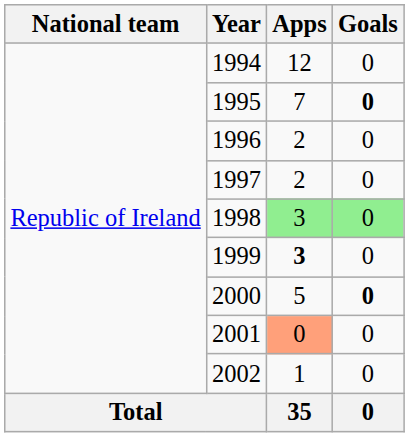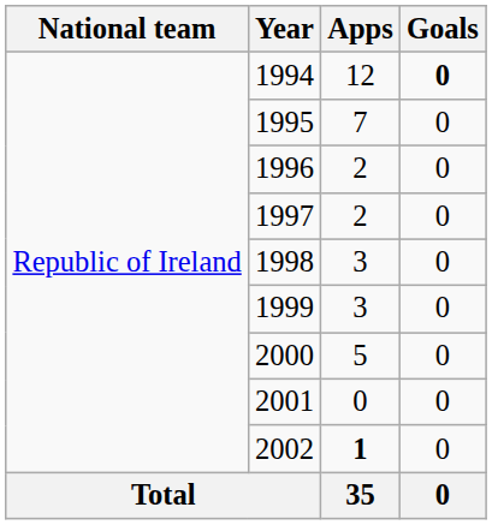 <table class="wikitable" style="text-align:center">
 <tr>
 <th>National team</th>
 <th>Year</th>
 <th>Apps</th>
 <th>Goals</th>
 </tr>
 <tr>
 <td rowspan="9"><a href='#'>Republic of Ireland</a></td>
 <td>1994</td>
 <td>12</td>
-<td>0</td>
+<td><strong>0</strong></td>
 </tr>
 <tr>
 <td>1995</td>
 <td>7</td>
-<td><strong>0</strong></td>
+<td>0</td>
 </tr>
 <tr>
 <td>1996</td>
 <td>2</td>
 <td>0</td>
 </tr>
 <tr>
 <td>1997</td>
 <td>2</td>
 <td>0</td>
 </tr>
 <tr>
 <td>1998</td>
-<td style="background: lightgreen;">3</td>
-<td style="background: lightgreen;">0</td>
+<td>3</td>
+<td>0</td>
 </tr>
 <tr>
 <td>1999</td>
-<td><strong>3</strong></td>
+<td>3</td>
 <td>0</td>
 </tr>
 <tr>
 <td>2000</td>
 <td>5</td>
-<td><strong>0</strong></td>
+<td>0</td>
 </tr>
 <tr>
 <td>2001</td>
-<td style="background: lightsalmon;">0</td>
+<td>0</td>
 <td>0</td>
 </tr>
 <tr>
 <td>2002</td>
-<td>1</td>
+<td><strong>1</strong></td>
 <td>0</td>
 </tr>
 <tr>
 <th colspan="2">Total</th>
 <th>35</th>
 <th>0</th>
 </tr>
 </table>
